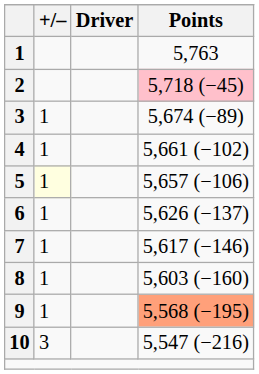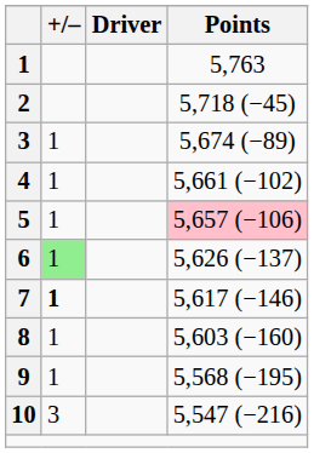 <table class="wikitable sortable">
 <tr>
 </tr>
 <tr>
 <th scope="col"></th>
 <th scope="col">+/–</th>
 <th scope="col">Driver</th>
 <th scope="col">Points</th>
 </tr>
 <tr>
 <th scope="row">1</th>
 <td align="left"></td>
 <td></td>
 <td style="text-align:center;">5,763</td>
 </tr>
 <tr>
 <th scope="row">2</th>
 <td align="left"></td>
 <td></td>
-<td style="background: pink; text-align:center;">5,718 (−45)</td>
+<td style="text-align:center;">5,718 (−45)</td>
 </tr>
 <tr>
 <th scope="row">3</th>
 <td align="left"> 1</td>
 <td></td>
 <td style="text-align:center;">5,674 (−89)</td>
 </tr>
 <tr>
 <th scope="row">4</th>
 <td align="left"> 1</td>
 <td></td>
 <td style="text-align:center;">5,661 (−102)</td>
 </tr>
 <tr>
 <th scope="row">5</th>
-<td align="left" style="background: lightyellow;"> 1</td>
+<td align="left"> 1</td>
 <td></td>
-<td style="text-align:center;">5,657 (−106)</td>
+<td style="background: pink; text-align:center;">5,657 (−106)</td>
 </tr>
 <tr>
 <th scope="row">6</th>
-<td align="left"> 1</td>
+<td align="left" style="background: lightgreen;"> 1</td>
 <td></td>
 <td style="text-align:center;">5,626 (−137)</td>
 </tr>
 <tr>
 <th scope="row">7</th>
-<td align="left"> 1</td>
+<td align="left"><strong> 1</strong></td>
 <td></td>
 <td style="text-align:center;">5,617 (−146)</td>
 </tr>
 <tr>
 <th scope="row">8</th>
 <td align="left"> 1</td>
 <td></td>
 <td style="text-align:center;">5,603 (−160)</td>
 </tr>
 <tr>
 <th scope="row">9</th>
 <td align="left"> 1</td>
 <td></td>
-<td style="background: lightsalmon; text-align:center;">5,568 (−195)</td>
+<td style="text-align:center;">5,568 (−195)</td>
 </tr>
 <tr>
 <th scope="row">10</th>
 <td align="left"> 3</td>
 <td></td>
 <td style="text-align:center;">5,547 (−216)</td>
 </tr>
 <tr class="sortbottom">
 <td colspan="9"></td>
 </tr>
 </table>
